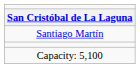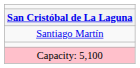 <table class="wikitable" style="margin:1em auto; text-align:center">
 <tr>
 <td></td>
 </tr>
 <tr>
 <th><a href='#'>San Cristóbal de La Laguna</a></th>
 </tr>
 <tr>
 <td><a href='#'>Santiago Martín</a></td>
 </tr>
 <tr>
 <td></td>
 </tr>
 <tr>
-<td>Capacity: 5,100</td>
+<td style="background: pink;">Capacity: 5,100</td>
 </tr>
 </table>
